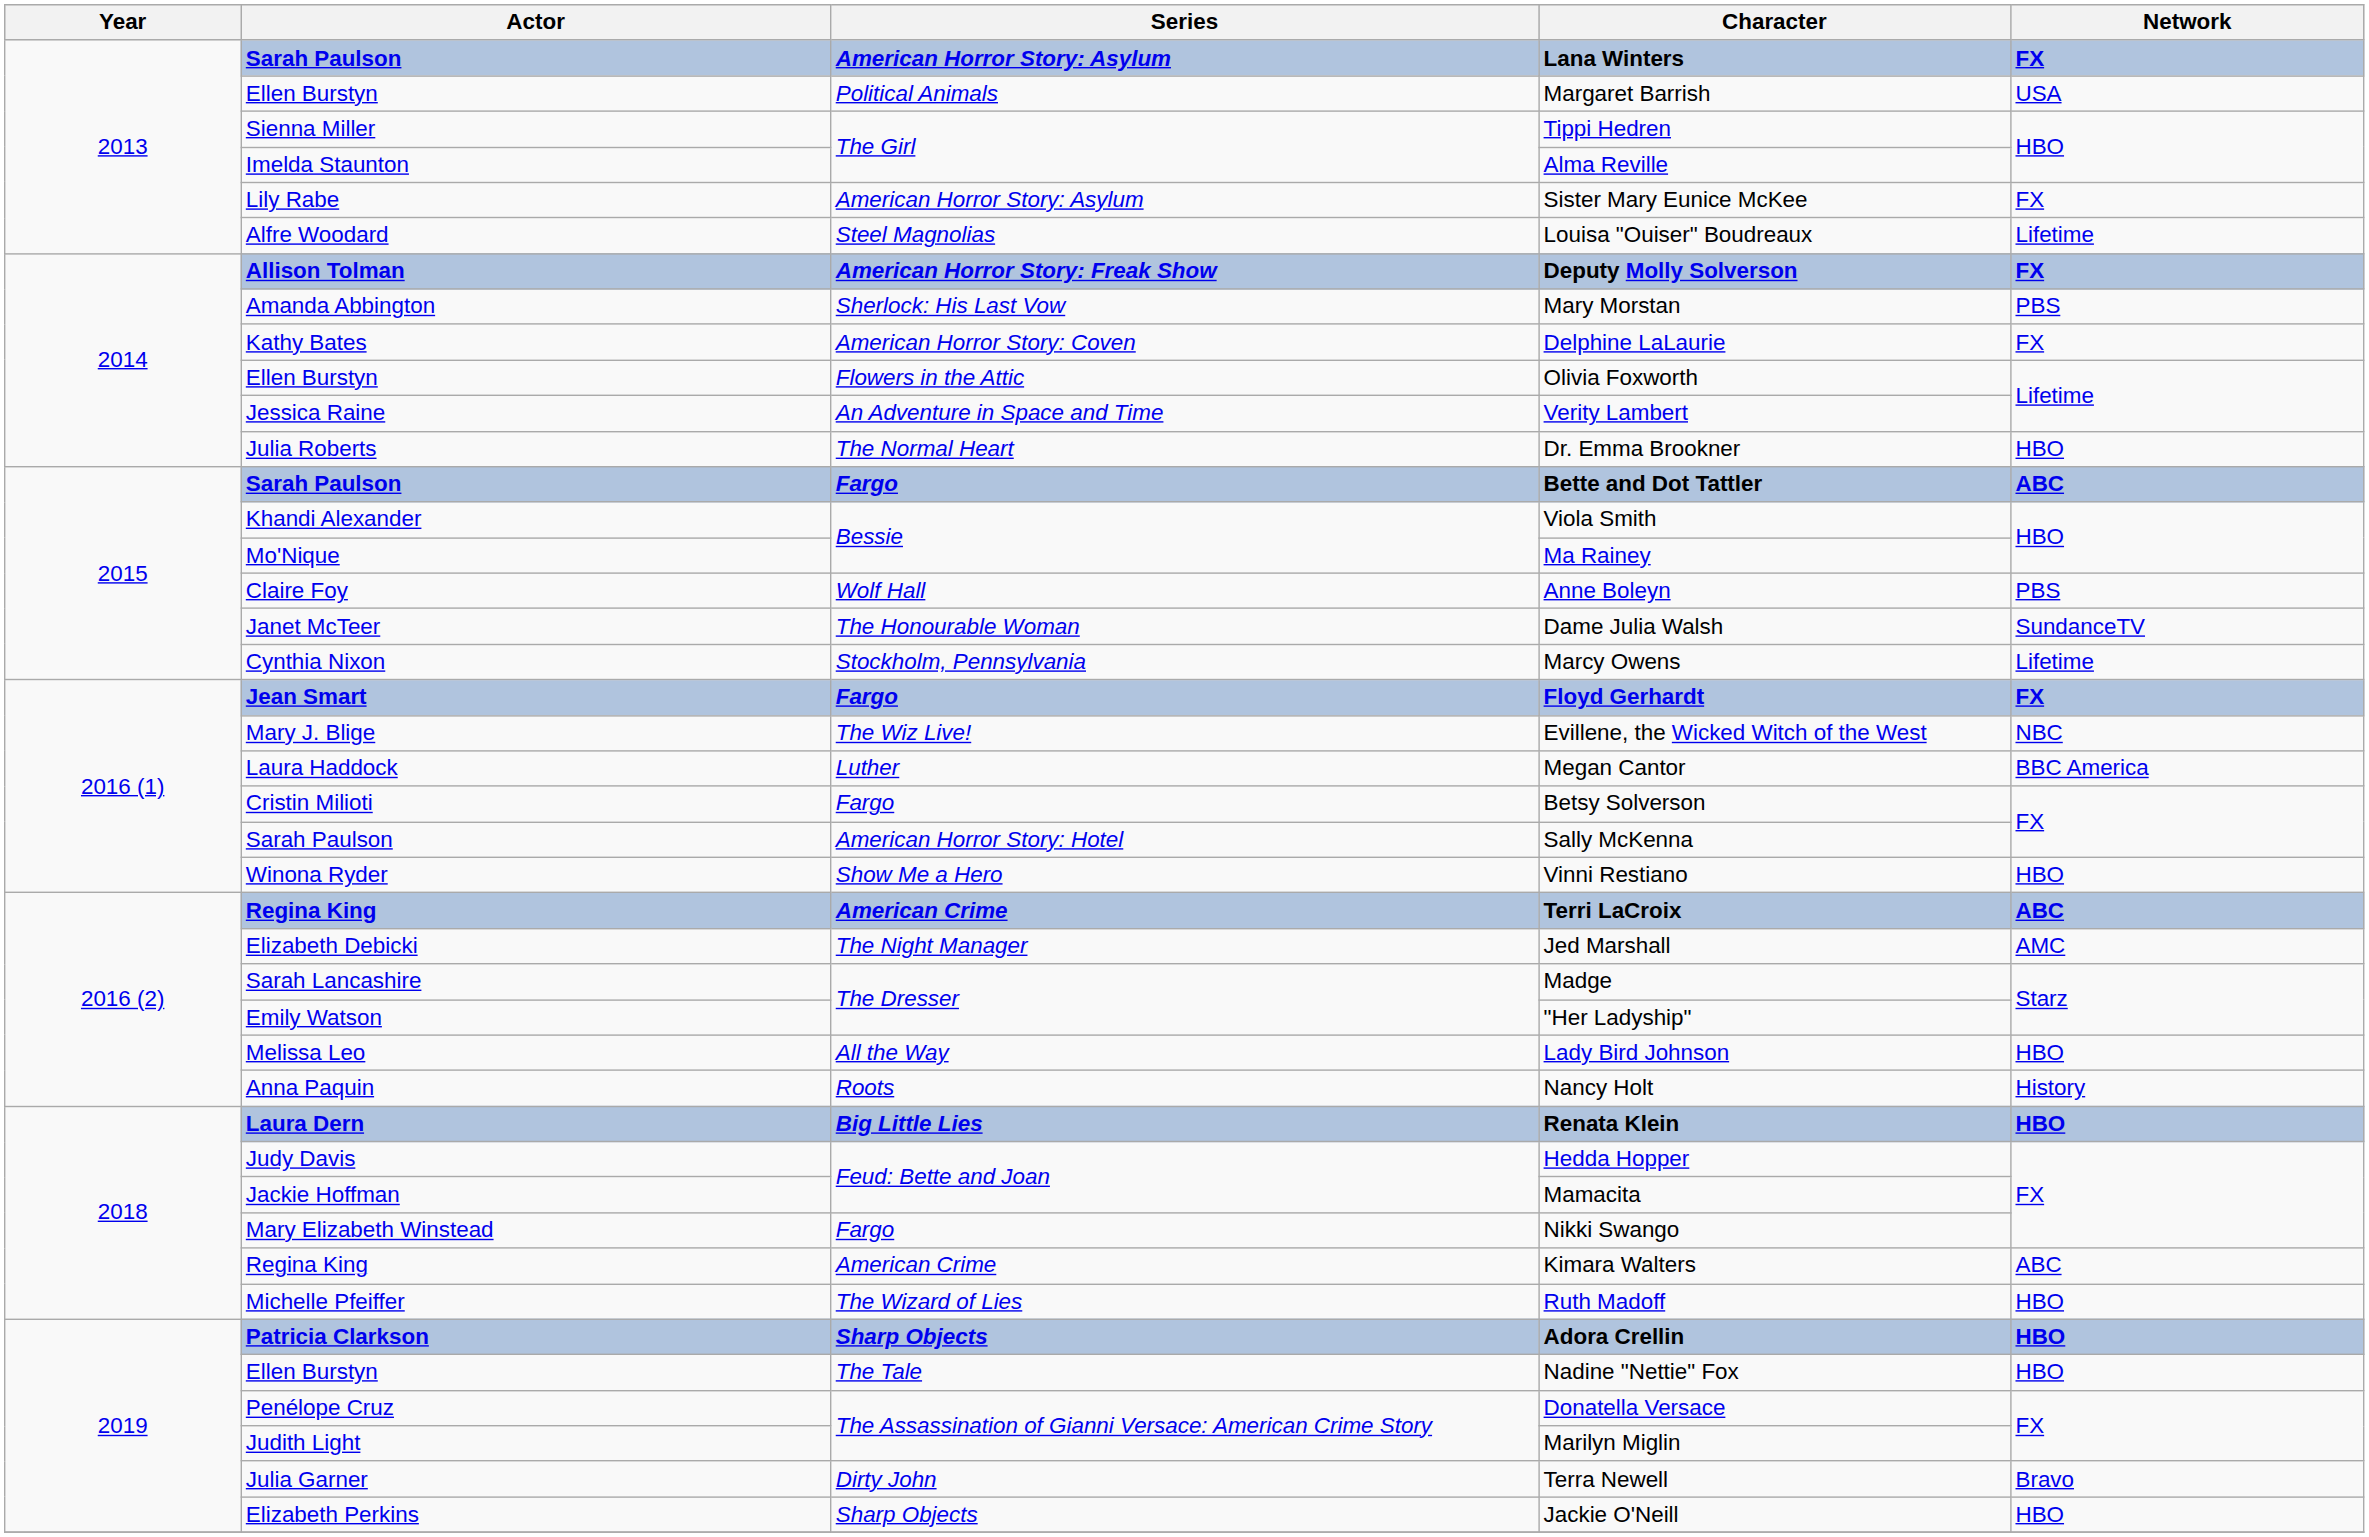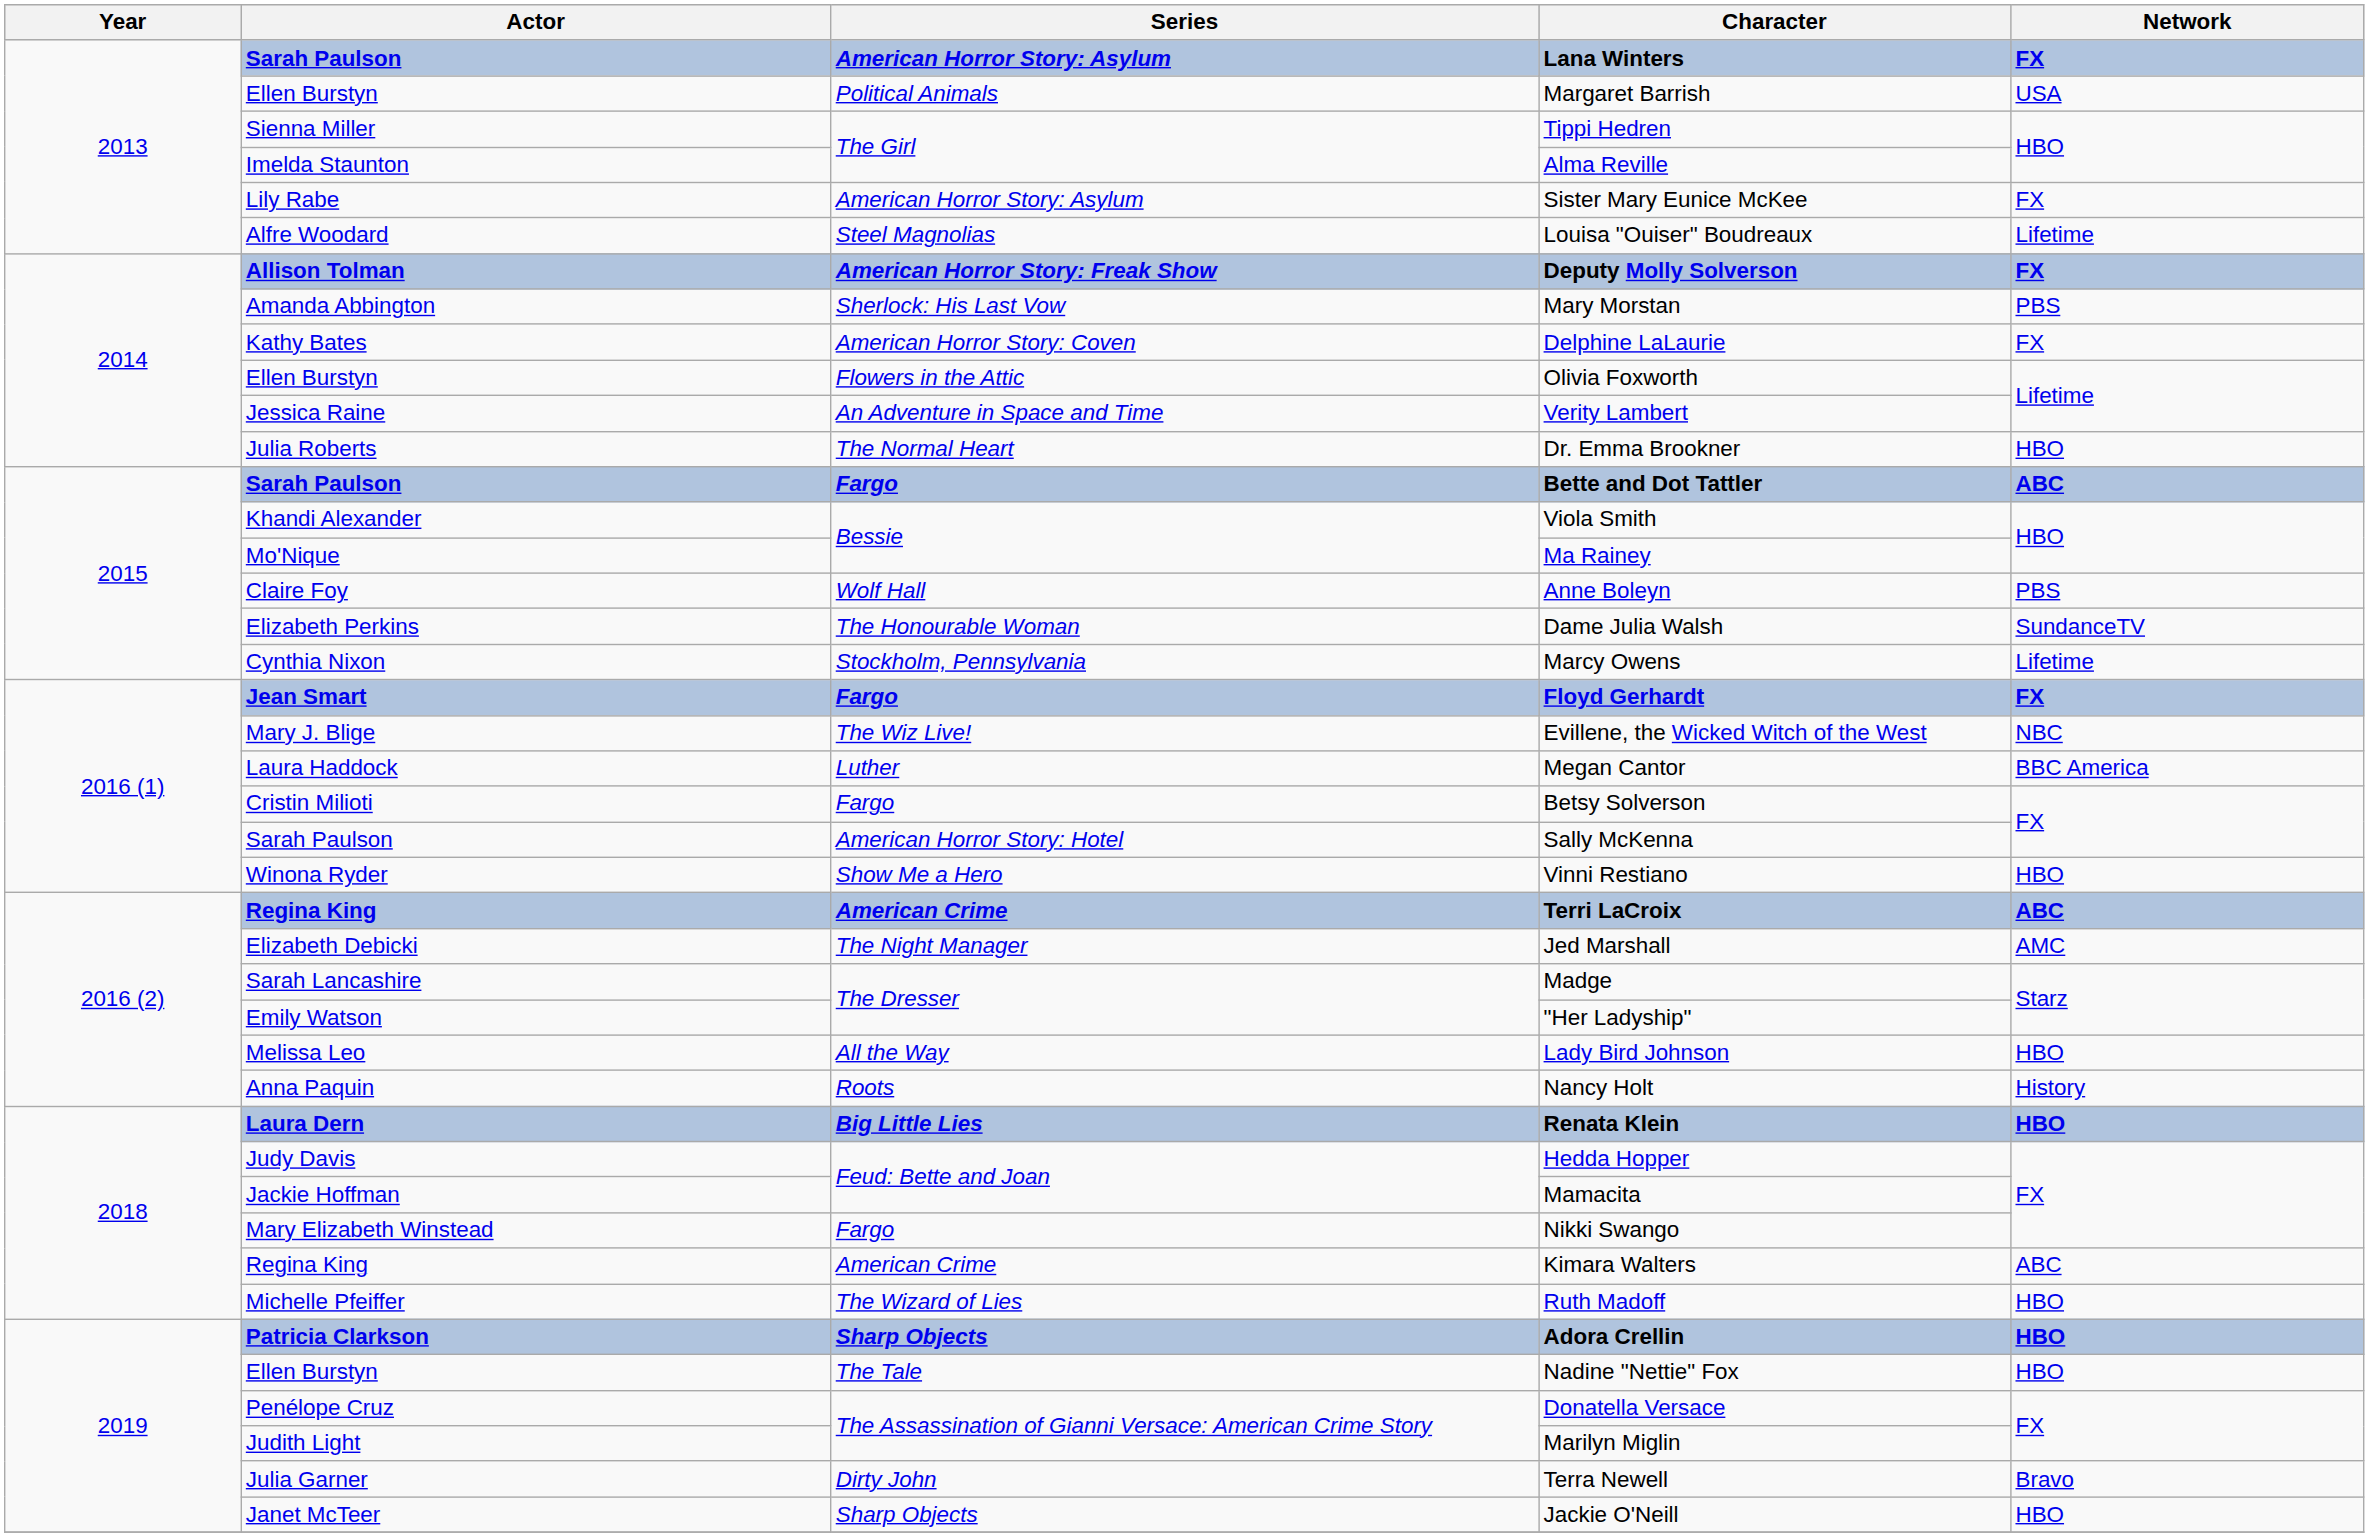 <table class="wikitable" style="width:85%">
 <tr style="background:#bebebe;">
 <th style="width:10%;">Year</th>
 <th style="wodth:25%;">Actor</th>
 <th style="width:30%;">Series</th>
 <th style="width:20%;">Character</th>
 <th style="width:15%;">Network</th>
 </tr>
 <tr>
 <td rowspan="6" style="text-align:center;"><a href='#'>2013</a><br></td>
 <td style="background:#B0C4DE;"><strong><a href='#'>Sarah Paulson</a></strong></td>
 <td style="background:#B0C4DE;"><strong><em><a href='#'>American Horror Story: Asylum</a></em></strong></td>
 <td style="background:#B0C4DE;"><strong>Lana Winters</strong></td>
 <td style="background:#B0C4DE;"><strong><a href='#'>FX</a></strong></td>
 </tr>
 <tr>
 <td><a href='#'>Ellen Burstyn</a></td>
 <td><em><a href='#'>Political Animals</a></em></td>
 <td>Margaret Barrish</td>
 <td><a href='#'>USA</a></td>
 </tr>
 <tr>
 <td><a href='#'>Sienna Miller</a></td>
 <td rowspan="2"><em><a href='#'>The Girl</a></em></td>
 <td><a href='#'>Tippi Hedren</a></td>
 <td rowspan="2"><a href='#'>HBO</a></td>
 </tr>
 <tr>
 <td><a href='#'>Imelda Staunton</a></td>
 <td><a href='#'>Alma Reville</a></td>
 </tr>
 <tr>
 <td><a href='#'>Lily Rabe</a></td>
 <td><em><a href='#'>American Horror Story: Asylum</a></em></td>
 <td>Sister Mary Eunice McKee</td>
 <td><a href='#'>FX</a></td>
 </tr>
 <tr>
 <td><a href='#'>Alfre Woodard</a></td>
 <td><em><a href='#'>Steel Magnolias</a></em></td>
 <td>Louisa "Ouiser" Boudreaux</td>
 <td><a href='#'>Lifetime</a></td>
 </tr>
 <tr>
 <td rowspan="6" style="text-align:center;"><a href='#'>2014</a><br></td>
 <td style="background:#B0C4DE;"><strong><a href='#'>Allison Tolman</a></strong></td>
 <td style="background:#B0C4DE;"><strong><em><a href='#'>American Horror Story: Freak Show</a></em></strong></td>
 <td style="background:#B0C4DE;"><strong>Deputy <a href='#'>Molly Solverson</a></strong></td>
 <td style="background:#B0C4DE;"><strong><a href='#'>FX</a></strong></td>
 </tr>
 <tr>
 <td><a href='#'>Amanda Abbington</a></td>
 <td><em><a href='#'>Sherlock: His Last Vow</a></em></td>
 <td>Mary Morstan</td>
 <td><a href='#'>PBS</a></td>
 </tr>
 <tr>
 <td><a href='#'>Kathy Bates</a></td>
 <td><em><a href='#'>American Horror Story: Coven</a></em></td>
 <td><a href='#'>Delphine LaLaurie</a></td>
 <td><a href='#'>FX</a></td>
 </tr>
 <tr>
 <td><a href='#'>Ellen Burstyn</a></td>
 <td><em><a href='#'>Flowers in the Attic</a></em></td>
 <td>Olivia Foxworth</td>
 <td rowspan="2"><a href='#'>Lifetime</a></td>
 </tr>
 <tr>
 <td><a href='#'>Jessica Raine</a></td>
 <td><em><a href='#'>An Adventure in Space and Time</a></em></td>
 <td><a href='#'>Verity Lambert</a></td>
 </tr>
 <tr>
 <td><a href='#'>Julia Roberts</a></td>
 <td><em><a href='#'>The Normal Heart</a></em></td>
 <td>Dr. Emma Brookner</td>
 <td><a href='#'>HBO</a></td>
 </tr>
 <tr>
 <td rowspan="6" style="text-align:center;"><a href='#'>2015</a><br></td>
 <td style="background:#B0C4DE;"><strong><a href='#'>Sarah Paulson</a></strong></td>
 <td style="background:#B0C4DE;"><strong><em><a href='#'>Fargo</a></em></strong></td>
 <td style="background:#B0C4DE;"><strong>Bette and Dot Tattler</strong></td>
 <td style="background:#B0C4DE;"><strong><a href='#'>ABC</a></strong></td>
 </tr>
 <tr>
 <td><a href='#'>Khandi Alexander</a></td>
 <td rowspan="2"><em><a href='#'>Bessie</a></em></td>
 <td>Viola Smith</td>
 <td rowspan="2"><a href='#'>HBO</a></td>
 </tr>
 <tr>
 <td><a href='#'>Mo'Nique</a></td>
 <td><a href='#'>Ma Rainey</a></td>
 </tr>
 <tr>
 <td><a href='#'>Claire Foy</a></td>
 <td><em><a href='#'>Wolf Hall</a></em></td>
 <td><a href='#'>Anne Boleyn</a></td>
 <td><a href='#'>PBS</a></td>
 </tr>
 <tr>
-<td><a href='#'>Janet McTeer</a></td>
+<td><a href='#'>Elizabeth Perkins</a></td>
 <td><em><a href='#'>The Honourable Woman</a></em></td>
 <td>Dame Julia Walsh</td>
 <td><a href='#'>SundanceTV</a></td>
 </tr>
 <tr>
 <td><a href='#'>Cynthia Nixon</a></td>
 <td><em><a href='#'>Stockholm, Pennsylvania</a></em></td>
 <td>Marcy Owens</td>
 <td><a href='#'>Lifetime</a></td>
 </tr>
 <tr>
 <td rowspan="6" style="text-align:center;"><a href='#'>2016 (1)</a><br></td>
 <td style="background:#B0C4DE;"><strong><a href='#'>Jean Smart</a></strong></td>
 <td style="background:#B0C4DE;"><strong><em><a href='#'>Fargo</a></em></strong></td>
 <td style="background:#B0C4DE;"><strong><a href='#'>Floyd Gerhardt</a></strong></td>
 <td style="background:#B0C4DE;"><strong><a href='#'>FX</a></strong></td>
 </tr>
 <tr>
 <td><a href='#'>Mary J. Blige</a></td>
 <td><em><a href='#'>The Wiz Live!</a></em></td>
 <td>Evillene, the <a href='#'>Wicked Witch of the West</a></td>
 <td><a href='#'>NBC</a></td>
 </tr>
 <tr>
 <td><a href='#'>Laura Haddock</a></td>
 <td><em><a href='#'>Luther</a></em></td>
 <td>Megan Cantor</td>
 <td><a href='#'>BBC America</a></td>
 </tr>
 <tr>
 <td><a href='#'>Cristin Milioti</a></td>
 <td><em><a href='#'>Fargo</a></em></td>
 <td>Betsy Solverson</td>
 <td rowspan="2"><a href='#'>FX</a></td>
 </tr>
 <tr>
 <td><a href='#'>Sarah Paulson</a></td>
 <td><em><a href='#'>American Horror Story: Hotel</a></em></td>
 <td>Sally McKenna</td>
 </tr>
 <tr>
 <td><a href='#'>Winona Ryder</a></td>
 <td><em><a href='#'>Show Me a Hero</a></em></td>
 <td>Vinni Restiano</td>
 <td><a href='#'>HBO</a></td>
 </tr>
 <tr>
 <td rowspan="6" style="text-align:center;"><a href='#'>2016 (2)</a><br></td>
 <td style="background:#B0C4DE;"><strong><a href='#'>Regina King</a></strong></td>
 <td style="background:#B0C4DE;"><strong><em><a href='#'>American Crime</a></em></strong></td>
 <td style="background:#B0C4DE;"><strong>Terri LaCroix</strong></td>
 <td style="background:#B0C4DE;"><strong><a href='#'>ABC</a></strong></td>
 </tr>
 <tr>
 <td><a href='#'>Elizabeth Debicki</a></td>
 <td><em><a href='#'>The Night Manager</a></em></td>
 <td>Jed Marshall</td>
 <td><a href='#'>AMC</a></td>
 </tr>
 <tr>
 <td><a href='#'>Sarah Lancashire</a></td>
 <td rowspan="2"><em><a href='#'>The Dresser</a></em></td>
 <td>Madge</td>
 <td rowspan="2"><a href='#'>Starz</a></td>
 </tr>
 <tr>
 <td><a href='#'>Emily Watson</a></td>
 <td>"Her Ladyship"</td>
 </tr>
 <tr>
 <td><a href='#'>Melissa Leo</a></td>
 <td><em><a href='#'>All the Way</a></em></td>
 <td><a href='#'>Lady Bird Johnson</a></td>
 <td><a href='#'>HBO</a></td>
 </tr>
 <tr>
 <td><a href='#'>Anna Paquin</a></td>
 <td><em><a href='#'>Roots</a></em></td>
 <td>Nancy Holt</td>
 <td><a href='#'>History</a></td>
 </tr>
 <tr>
 <td rowspan="6" style="text-align:center;"><a href='#'>2018</a><br></td>
 <td style="background:#B0C4DE;"><strong><a href='#'>Laura Dern</a></strong></td>
 <td style="background:#B0C4DE;"><strong><em><a href='#'>Big Little Lies</a></em></strong></td>
 <td style="background:#B0C4DE;"><strong>Renata Klein</strong></td>
 <td style="background:#B0C4DE;"><strong><a href='#'>HBO</a></strong></td>
 </tr>
 <tr>
 <td><a href='#'>Judy Davis</a></td>
 <td rowspan="2"><em><a href='#'>Feud: Bette and Joan</a></em></td>
 <td><a href='#'>Hedda Hopper</a></td>
 <td rowspan="3"><a href='#'>FX</a></td>
 </tr>
 <tr>
 <td><a href='#'>Jackie Hoffman</a></td>
 <td>Mamacita</td>
 </tr>
 <tr>
 <td><a href='#'>Mary Elizabeth Winstead</a></td>
 <td><em><a href='#'>Fargo</a></em></td>
 <td>Nikki Swango</td>
 </tr>
 <tr>
 <td><a href='#'>Regina King</a></td>
 <td><em><a href='#'>American Crime</a></em></td>
 <td>Kimara Walters</td>
 <td><a href='#'>ABC</a></td>
 </tr>
 <tr>
 <td><a href='#'>Michelle Pfeiffer</a></td>
 <td><em><a href='#'>The Wizard of Lies</a></em></td>
 <td><a href='#'>Ruth Madoff</a></td>
 <td><a href='#'>HBO</a></td>
 </tr>
 <tr>
 <td rowspan="6" style="text-align:center;"><a href='#'>2019</a><br></td>
 <td style="background:#B0C4DE;"><strong><a href='#'>Patricia Clarkson</a></strong></td>
 <td style="background:#B0C4DE;"><strong><em><a href='#'>Sharp Objects</a></em></strong></td>
 <td style="background:#B0C4DE;"><strong>Adora Crellin</strong></td>
 <td style="background:#B0C4DE;"><strong><a href='#'>HBO</a></strong></td>
 </tr>
 <tr>
 <td><a href='#'>Ellen Burstyn</a></td>
 <td><em><a href='#'>The Tale</a></em></td>
 <td>Nadine "Nettie" Fox</td>
 <td><a href='#'>HBO</a></td>
 </tr>
 <tr>
 <td><a href='#'>Penélope Cruz</a></td>
 <td rowspan="2"><em><a href='#'>The Assassination of Gianni Versace: American Crime Story</a></em></td>
 <td><a href='#'>Donatella Versace</a></td>
 <td rowspan="2"><a href='#'>FX</a></td>
 </tr>
 <tr>
 <td><a href='#'>Judith Light</a></td>
 <td>Marilyn Miglin</td>
 </tr>
 <tr>
 <td><a href='#'>Julia Garner</a></td>
 <td><em><a href='#'>Dirty John</a></em></td>
 <td>Terra Newell</td>
 <td><a href='#'>Bravo</a></td>
 </tr>
 <tr>
-<td><a href='#'>Elizabeth Perkins</a></td>
+<td><a href='#'>Janet McTeer</a></td>
 <td><em><a href='#'>Sharp Objects</a></em></td>
 <td>Jackie O'Neill</td>
 <td><a href='#'>HBO</a></td>
 </tr>
 <tr>
 </tr>
 </table>
